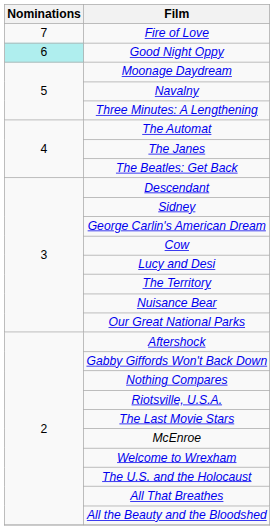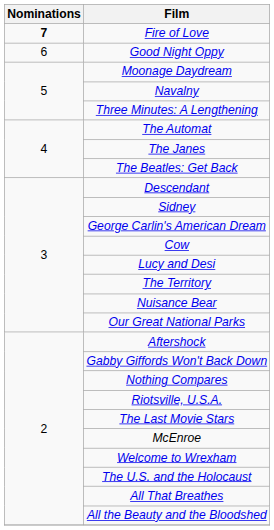 <table class="wikitable plainrowheaders" style="text-align: center;">
 <tr>
 <th scope="col" style="width:55px;">Nominations</th>
 <th scope="col" style="text-align:center;">Film</th>
 </tr>
 <tr>
-<td>7</td>
+<td><strong>7</strong></td>
 <td><em><a href='#'>Fire of Love</a></em></td>
 </tr>
 <tr>
-<td style="background: paleturquoise;">6</td>
+<td>6</td>
 <td><em><a href='#'>Good Night Oppy</a></em></td>
 </tr>
 <tr>
 <td rowspan="3">5</td>
 <td><em><a href='#'>Moonage Daydream</a></em></td>
 </tr>
 <tr>
 <td><em><a href='#'>Navalny</a></em></td>
 </tr>
 <tr>
 <td><em><a href='#'>Three Minutes: A Lengthening</a></em></td>
 </tr>
 <tr>
 <td rowspan="3">4</td>
 <td><em><a href='#'>The Automat</a></em></td>
 </tr>
 <tr>
 <td><em><a href='#'>The Janes</a></em></td>
 </tr>
 <tr>
 <td><em><a href='#'>The Beatles: Get Back</a></em></td>
 </tr>
 <tr>
 <td rowspan="8">3</td>
 <td><em><a href='#'>Descendant</a></em></td>
 </tr>
 <tr>
 <td><em><a href='#'>Sidney</a></em></td>
 </tr>
 <tr>
 <td><em><a href='#'>George Carlin's American Dream</a></em></td>
 </tr>
 <tr>
 <td><em><a href='#'>Cow</a></em></td>
 </tr>
 <tr>
 <td><em><a href='#'>Lucy and Desi</a></em></td>
 </tr>
 <tr>
 <td><em><a href='#'>The Territory</a></em></td>
 </tr>
 <tr>
 <td><em><a href='#'>Nuisance Bear</a></em></td>
 </tr>
 <tr>
 <td><em><a href='#'>Our Great National Parks</a></em></td>
 </tr>
 <tr>
 <td rowspan="10">2</td>
 <td><em><a href='#'>Aftershock</a></em></td>
 </tr>
 <tr>
 <td><em><a href='#'>Gabby Giffords Won't Back Down</a></em></td>
 </tr>
 <tr>
 <td><em><a href='#'>Nothing Compares</a></em></td>
 </tr>
 <tr>
 <td><em><a href='#'>Riotsville, U.S.A.</a></em></td>
 </tr>
 <tr>
 <td><em><a href='#'>The Last Movie Stars</a></em></td>
 </tr>
 <tr>
 <td><em>McEnroe</em></td>
 </tr>
 <tr>
 <td><em><a href='#'>Welcome to Wrexham</a></em></td>
 </tr>
 <tr>
 <td><em><a href='#'>The U.S. and the Holocaust</a></em></td>
 </tr>
 <tr>
 <td><em><a href='#'>All That Breathes</a></em></td>
 </tr>
 <tr>
 <td><em><a href='#'>All the Beauty and the Bloodshed</a></em></td>
 </tr>
 <tr>
 </tr>
 </table>
